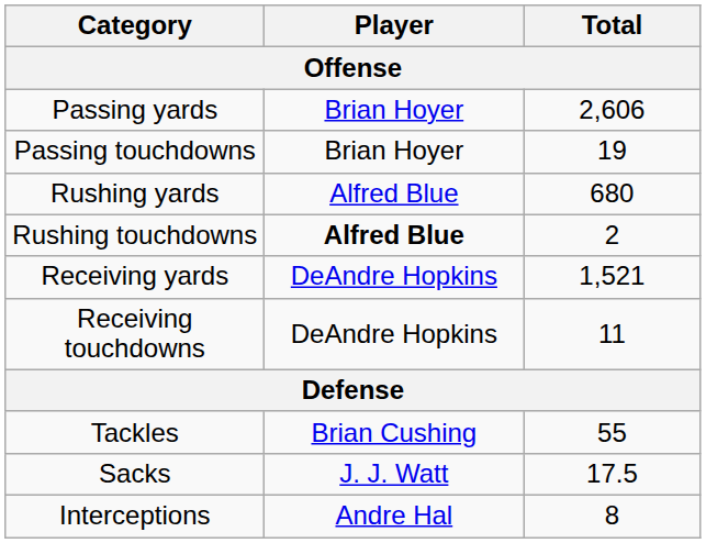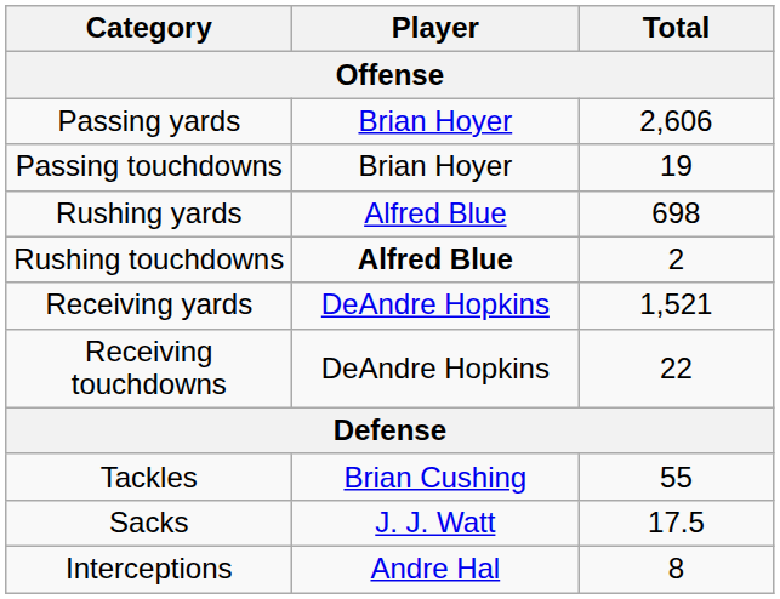 <table class="wikitable" style="text-align:center">
 <tr>
 <th width="150">Category</th>
 <th width="150">Player</th>
 <th width="100">Total</th>
 </tr>
 <tr>
 <th align="center" colspan="4">Offense</th>
 </tr>
 <tr>
 <td>Passing yards</td>
 <td><a href='#'>Brian Hoyer</a></td>
 <td>2,606</td>
 </tr>
 <tr>
 <td>Passing touchdowns</td>
 <td>Brian Hoyer</td>
 <td>19</td>
 </tr>
 <tr>
 <td>Rushing yards</td>
 <td><a href='#'>Alfred Blue</a></td>
-<td>680</td>
+<td>698</td>
 </tr>
 <tr>
 <td>Rushing touchdowns</td>
 <td><strong>Alfred Blue</strong></td>
 <td>2</td>
 </tr>
 <tr>
 <td>Receiving yards</td>
 <td><a href='#'>DeAndre Hopkins</a></td>
 <td>1,521</td>
 </tr>
 <tr>
 <td>Receiving touchdowns</td>
 <td>DeAndre Hopkins</td>
-<td>11</td>
+<td>22</td>
 </tr>
 <tr>
 <th align="center" colspan="4">Defense</th>
 </tr>
 <tr>
 <td>Tackles </td>
 <td><a href='#'>Brian Cushing</a></td>
 <td>55</td>
 </tr>
 <tr>
 <td>Sacks</td>
 <td><a href='#'>J. J. Watt</a></td>
 <td>17.5</td>
 </tr>
 <tr>
 <td>Interceptions</td>
 <td><a href='#'>Andre Hal</a></td>
 <td>8</td>
 </tr>
 </table>
